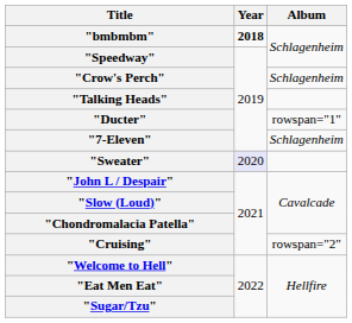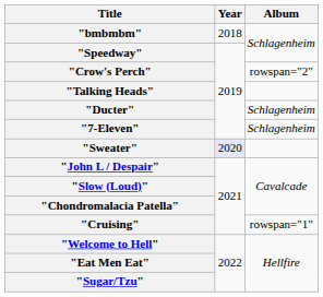 <table class="wikitable plainrowheaders" style="text-align:center;">
 <tr>
 <th scope="col" style="width:17em;">Title</th>
 <th scope="col">Year</th>
 <th scope="col">Album</th>
 </tr>
 <tr>
 <th scope="row">"bmbmbm"</th>
-<td><strong>2018</strong></td>
+<td>2018</td>
 <td rowspan="2"><em>Schlagenheim</em></td>
 </tr>
 <tr>
 <th scope="row">"Speedway"</th>
 <td rowspan="5">2019</td>
 </tr>
 <tr>
 <th scope="row">"Crow's Perch"</th>
-<td rowspan="1"><em>Schlagenheim</em></td>
+<td>rowspan="2" </td>
 </tr>
 <tr>
 <th scope="row">"Talking Heads"</th>
 </tr>
 <tr>
 <th scope="row">"Ducter"</th>
-<td>rowspan="1" </td>
+<td rowspan="1"><em>Schlagenheim</em></td>
 </tr>
 <tr>
 <th scope="row">"7-Eleven"</th>
 <td rowspan="1"><em>Schlagenheim</em></td>
 </tr>
 <tr>
 <th scope="row">"Sweater"</th>
 <td rowspan="1" style="background: lavender;">2020</td>
 </tr>
 <tr>
 <th scope="row">"<a href='#'>John L / Despair</a>"</th>
 <td rowspan="4">2021</td>
 <td rowspan="3"><em>Cavalcade</em></td>
 </tr>
 <tr>
 <th scope="row">"<a href='#'>Slow (Loud)</a>"</th>
 </tr>
 <tr>
 <th scope="row">"Chondromalacia Patella"</th>
 </tr>
 <tr>
 <th scope="row">"Cruising"</th>
-<td>rowspan="2" </td>
+<td>rowspan="1" </td>
 </tr>
 <tr>
 <th scope="row">"<a href='#'>Welcome to Hell</a>"</th>
 <td rowspan="3">2022</td>
 <td rowspan="3"><em>Hellfire</em></td>
 </tr>
 <tr>
 <th scope="row">"Eat Men Eat"</th>
 </tr>
 <tr>
 <th scope="row">"<a href='#'>Sugar/Tzu</a>"</th>
 </tr>
 </table>
